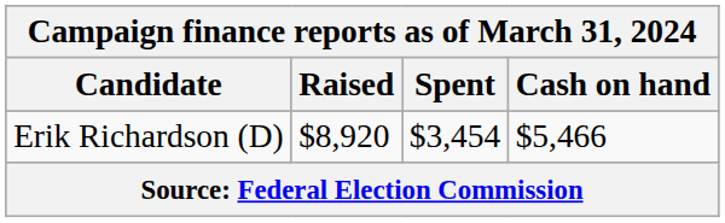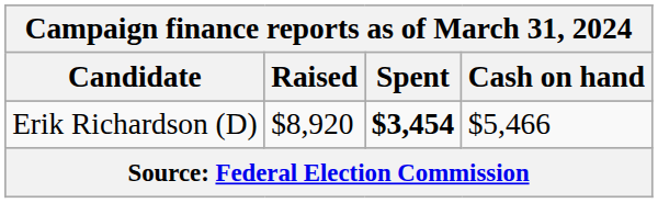 <table class="wikitable sortable">
 <tr>
 <th colspan=4>Campaign finance reports as of March 31, 2024</th>
 </tr>
 <tr style="text-align:center;">
 <th>Candidate</th>
 <th>Raised</th>
 <th>Spent</th>
 <th>Cash on hand</th>
 </tr>
 <tr>
 <td>Erik Richardson (D)</td>
 <td>$8,920</td>
-<td>$3,454</td>
+<td><strong>$3,454</strong></td>
 <td>$5,466</td>
 </tr>
 <tr>
 <th colspan="4"><small>Source: <a href='#'>Federal Election Commission</a></small></th>
 </tr>
 </table>
